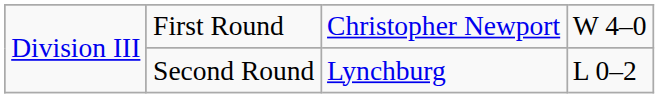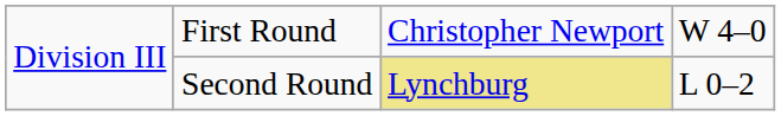 <table class="wikitable">
 <tr>
 <td rowspan="5"><a href='#'>Division III</a></td>
 <td>First Round</td>
 <td><a href='#'>Christopher Newport</a></td>
 <td>W 4–0</td>
 </tr>
 <tr>
 <td>Second Round</td>
-<td><a href='#'>Lynchburg</a></td>
+<td style="background: khaki;"><a href='#'>Lynchburg</a></td>
 <td>L 0–2</td>
 </tr>
 </table>
